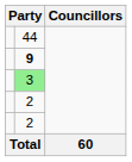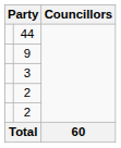 <table class="wikitable">
 <tr>
 <th colspan=2>Party</th>
 <th>Councillors</th>
 </tr>
 <tr>
 <td></td>
 <td align=center>44</td>
 </tr>
 <tr>
 <td></td>
-<td align=center><strong>9</strong></td>
+<td align=center>9</td>
 </tr>
 <tr>
 <td></td>
-<td align=center style="background: lightgreen;">3</td>
+<td align=center>3</td>
 </tr>
 <tr>
 <td></td>
 <td align=center>2</td>
 </tr>
 <tr>
 <td></td>
 <td align=center>2</td>
 </tr>
 <tr>
 <th colspan=2>Total</th>
 <th align=center>60</th>
 </tr>
 </table>
